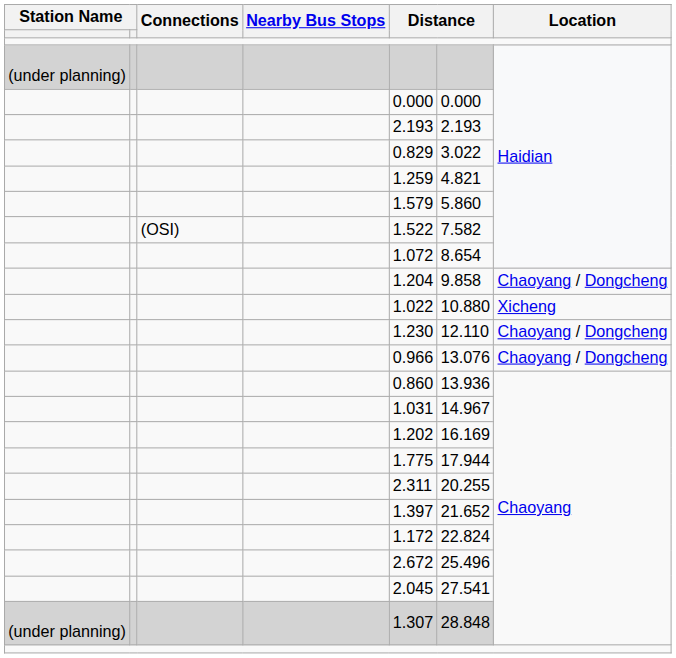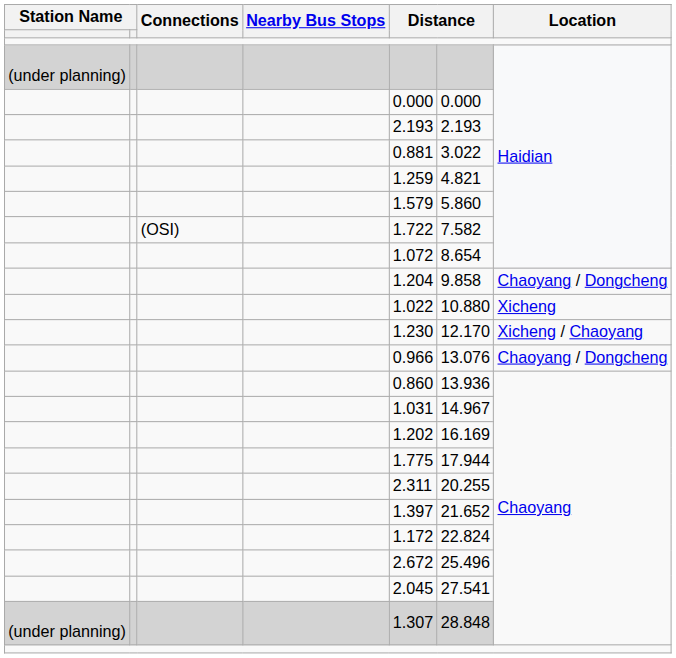 <table class=wikitable>
 <tr>
 <th colspan=2>Station Name</th>
 <th rowspan=2>Connections</th>
 <th rowspan=2><a href='#'>Nearby Bus Stops</a></th>
 <th colspan=2 rowspan=2>Distance<br></th>
 <th rowspan=2>Location</th>
 </tr>
 <tr>
 <th></th>
 <th></th>
 </tr>
 <tr style=background:#>
 <td colspan=7></td>
 </tr>
 <tr bgcolor="lightgrey">
 <td><em></em><br>(under planning)</td>
 <td></td>
 <td></td>
 <td></td>
 <td></td>
 <td></td>
 <td rowspan=8 bgcolor=#F8F9FA><a href='#'>Haidian</a></td>
 </tr>
 <tr>
 <td></td>
 <td></td>
 <td></td>
 <td></td>
 <td>0.000</td>
 <td>0.000</td>
 </tr>
 <tr>
 <td></td>
 <td></td>
 <td></td>
 <td></td>
 <td>2.193</td>
 <td>2.193</td>
 </tr>
 <tr>
 <td></td>
 <td></td>
 <td></td>
 <td></td>
-<td>0.829</td>
+<td>0.881</td>
 <td>3.022</td>
 </tr>
 <tr>
 <td></td>
 <td></td>
 <td></td>
 <td></td>
 <td>1.259</td>
 <td>4.821</td>
 </tr>
 <tr>
 <td></td>
 <td></td>
 <td></td>
 <td></td>
 <td>1.579</td>
 <td>5.860</td>
 </tr>
 <tr>
 <td></td>
 <td></td>
 <td> (OSI)</td>
 <td></td>
-<td>1.522</td>
+<td>1.722</td>
 <td>7.582</td>
 </tr>
 <tr>
 <td></td>
 <td></td>
 <td></td>
 <td></td>
 <td>1.072</td>
 <td>8.654</td>
 </tr>
 <tr>
 <td></td>
 <td></td>
 <td></td>
 <td></td>
 <td>1.204</td>
 <td>9.858</td>
 <td><a href='#'>Chaoyang</a> / <a href='#'>Dongcheng</a></td>
 </tr>
 <tr>
 <td></td>
 <td></td>
 <td></td>
 <td></td>
 <td>1.022</td>
 <td>10.880</td>
 <td><a href='#'>Xicheng</a></td>
 </tr>
 <tr>
 <td></td>
 <td></td>
 <td></td>
 <td></td>
 <td>1.230</td>
-<td>12.110</td>
-<td><a href='#'>Chaoyang</a> / <a href='#'>Dongcheng</a></td>
+<td>12.170</td>
+<td><a href='#'>Xicheng</a> / <a href='#'>Chaoyang</a></td>
 </tr>
 <tr>
 <td></td>
 <td></td>
 <td></td>
 <td></td>
 <td>0.966</td>
 <td>13.076</td>
 <td><a href='#'>Chaoyang</a> / <a href='#'>Dongcheng</a></td>
 </tr>
 <tr>
 <td></td>
 <td></td>
 <td></td>
 <td></td>
 <td>0.860</td>
 <td>13.936</td>
 <td rowspan=10><a href='#'>Chaoyang</a></td>
 </tr>
 <tr>
 <td></td>
 <td></td>
 <td></td>
 <td></td>
 <td>1.031</td>
 <td>14.967</td>
 </tr>
 <tr>
 <td></td>
 <td></td>
 <td></td>
 <td></td>
 <td>1.202</td>
 <td>16.169</td>
 </tr>
 <tr>
 <td></td>
 <td></td>
 <td> </td>
 <td></td>
 <td>1.775</td>
 <td>17.944</td>
 </tr>
 <tr>
 <td></td>
 <td></td>
 <td></td>
 <td></td>
 <td>2.311</td>
 <td>20.255</td>
 </tr>
 <tr>
 <td></td>
 <td></td>
 <td></td>
 <td></td>
 <td>1.397</td>
 <td>21.652</td>
 </tr>
 <tr>
 <td></td>
 <td></td>
 <td></td>
 <td></td>
 <td>1.172</td>
 <td>22.824</td>
 </tr>
 <tr>
 <td></td>
 <td></td>
 <td></td>
 <td></td>
 <td>2.672</td>
 <td>25.496</td>
 </tr>
 <tr>
 <td></td>
 <td></td>
 <td></td>
 <td></td>
 <td>2.045</td>
 <td>27.541</td>
 </tr>
 <tr bgcolor=lightgrey>
 <td><em></em><br>(under planning)</td>
 <td></td>
 <td></td>
 <td></td>
 <td>1.307</td>
 <td>28.848</td>
 </tr>
 <tr style=background:#>
 <td colspan=7></td>
 </tr>
 </table>
